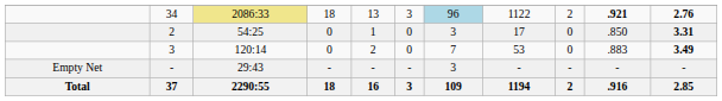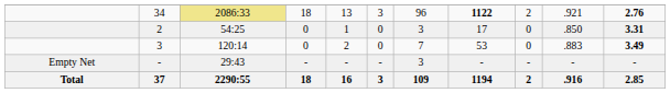 <table class="wikitable sortable" width ="1000">
 <tr align="center">
 </tr>
 <tr align="center">
 <td></td>
 <td>34</td>
 <td style="background: khaki;">2086:33</td>
 <td>18</td>
 <td>13</td>
 <td>3</td>
-<td style="background: lightblue;">96</td>
-<td>1122</td>
+<td>96</td>
+<td><strong>1122</strong></td>
 <td>2</td>
-<td><strong>.921</strong></td>
+<td>.921</td>
 <td><strong>2.76</strong></td>
 </tr>
 <tr align="center" bgcolor="f0f0f0">
 <td></td>
 <td>2</td>
 <td>54:25</td>
 <td>0</td>
 <td>1</td>
 <td>0</td>
 <td>3</td>
 <td>17</td>
 <td>0</td>
 <td>.850</td>
 <td><strong>3.31</strong></td>
 </tr>
 <tr align="center" bgcolor="">
 <td></td>
 <td>3</td>
 <td>120:14</td>
 <td>0</td>
 <td>2</td>
 <td>0</td>
 <td>7</td>
 <td>53</td>
 <td>0</td>
 <td>.883</td>
 <td><strong>3.49</strong></td>
 </tr>
 <tr align="center" bgcolor="f0f0f0">
 <td>Empty Net</td>
 <td>-</td>
 <td>29:43</td>
 <td>-</td>
 <td>-</td>
 <td>-</td>
 <td>3</td>
 <td>-</td>
 <td>-</td>
 <td>-</td>
 <td>-</td>
 </tr>
 <tr>
 <th>Total</th>
 <th>37</th>
 <th>2290:55</th>
 <th>18</th>
 <th>16</th>
 <th>3</th>
 <th>109</th>
 <th>1194</th>
 <th>2</th>
 <th>.916</th>
 <th>2.85</th>
 </tr>
 </table>
